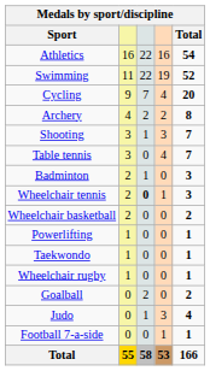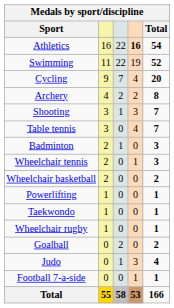 <table class="wikitable" style=font-size:85%;float:right;text-align:center>
 <tr>
 <th colspan=5>Medals by sport/discipline</th>
 </tr>
 <tr>
 <th>Sport</th>
 <td bgcolor=F7F6A8></td>
 <td bgcolor=DCE5E5></td>
 <td bgcolor=FFDAB9></td>
 <th>Total</th>
 </tr>
 <tr align=center>
 <td><a href='#'>Athletics</a></td>
 <td style="background:#F7F6A8;">16</td>
 <td style="background:#DCE5E5;">22</td>
-<td style="background:#FFDAB9;">16</td>
+<td style="background:#FFDAB9;"><strong>16</strong></td>
 <td><strong>54</strong></td>
 </tr>
 <tr align=center>
 <td><a href='#'>Swimming</a></td>
 <td style="background:#F7F6A8;">11</td>
 <td style="background:#DCE5E5;">22</td>
 <td style="background:#FFDAB9;">19</td>
 <td><strong>52</strong></td>
 </tr>
 <tr align=center>
 <td><a href='#'>Cycling</a></td>
 <td style="background:#F7F6A8;">9</td>
 <td style="background:#DCE5E5;">7</td>
 <td style="background:#FFDAB9;">4</td>
 <td><strong>20</strong></td>
 </tr>
 <tr align=center>
 <td><a href='#'>Archery</a></td>
 <td style="background:#F7F6A8;">4</td>
 <td style="background:#DCE5E5;">2</td>
 <td style="background:#FFDAB9;">2</td>
 <td><strong>8</strong></td>
 </tr>
 <tr align=center>
 <td><a href='#'>Shooting</a></td>
 <td style="background:#F7F6A8;">3</td>
 <td style="background:#DCE5E5;">1</td>
 <td style="background:#FFDAB9;">3</td>
 <td><strong>7</strong></td>
 </tr>
 <tr align=center>
 <td><a href='#'>Table tennis</a></td>
 <td style="background:#F7F6A8;">3</td>
 <td style="background:#DCE5E5;">0</td>
 <td style="background:#FFDAB9;">4</td>
 <td><strong>7</strong></td>
 </tr>
 <tr align=center>
 <td><a href='#'>Badminton</a></td>
 <td style="background:#F7F6A8;">2</td>
 <td style="background:#DCE5E5;">1</td>
 <td style="background:#FFDAB9;">0</td>
 <td><strong>3</strong></td>
 </tr>
 <tr align=center>
 <td><a href='#'>Wheelchair tennis</a></td>
 <td style="background:#F7F6A8;">2</td>
-<td style="background:#DCE5E5;"><strong>0</strong></td>
+<td style="background:#DCE5E5;">0</td>
 <td style="background:#FFDAB9;">1</td>
 <td><strong>3</strong></td>
 </tr>
 <tr align=center>
 <td nowrap><a href='#'>Wheelchair basketball</a></td>
 <td style="background:#F7F6A8;">2</td>
 <td style="background:#DCE5E5;">0</td>
 <td style="background:#FFDAB9;">0</td>
 <td><strong>2</strong></td>
 </tr>
 <tr align=center>
 <td><a href='#'>Powerlifting</a></td>
 <td style="background:#F7F6A8;">1</td>
 <td style="background:#DCE5E5;">0</td>
 <td style="background:#FFDAB9;">0</td>
 <td><strong>1</strong></td>
 </tr>
 <tr align=center>
 <td><a href='#'>Taekwondo</a></td>
 <td style="background:#F7F6A8;">1</td>
 <td style="background:#DCE5E5;">0</td>
 <td style="background:#FFDAB9;">0</td>
 <td><strong>1</strong></td>
 </tr>
 <tr align=center>
 <td><a href='#'>Wheelchair rugby</a></td>
 <td style="background:#F7F6A8;">1</td>
 <td style="background:#DCE5E5;">0</td>
 <td style="background:#FFDAB9;">0</td>
 <td><strong>1</strong></td>
 </tr>
 <tr align=center>
 <td><a href='#'>Goalball</a></td>
 <td style="background:#F7F6A8;">0</td>
 <td style="background:#DCE5E5;">2</td>
 <td style="background:#FFDAB9;">0</td>
 <td><strong>2</strong></td>
 </tr>
 <tr align=center>
 <td><a href='#'>Judo</a></td>
 <td style="background:#F7F6A8;">0</td>
 <td style="background:#DCE5E5;">1</td>
 <td style="background:#FFDAB9;">3</td>
 <td><strong>4</strong></td>
 </tr>
 <tr align=center>
 <td><a href='#'>Football 7-a-side</a></td>
 <td style="background:#F7F6A8;">0</td>
 <td style="background:#DCE5E5;">0</td>
 <td style="background:#FFDAB9;">1</td>
 <td><strong>1</strong></td>
 </tr>
 <tr align=center>
 <th><strong>Total</strong></th>
 <th style="background:gold;"><strong>55</strong></th>
 <th style="background:silver;"><strong>58</strong></th>
 <th style="background:#c96;"><strong>53</strong></th>
 <td><strong>166</strong></td>
 </tr>
 </table>
